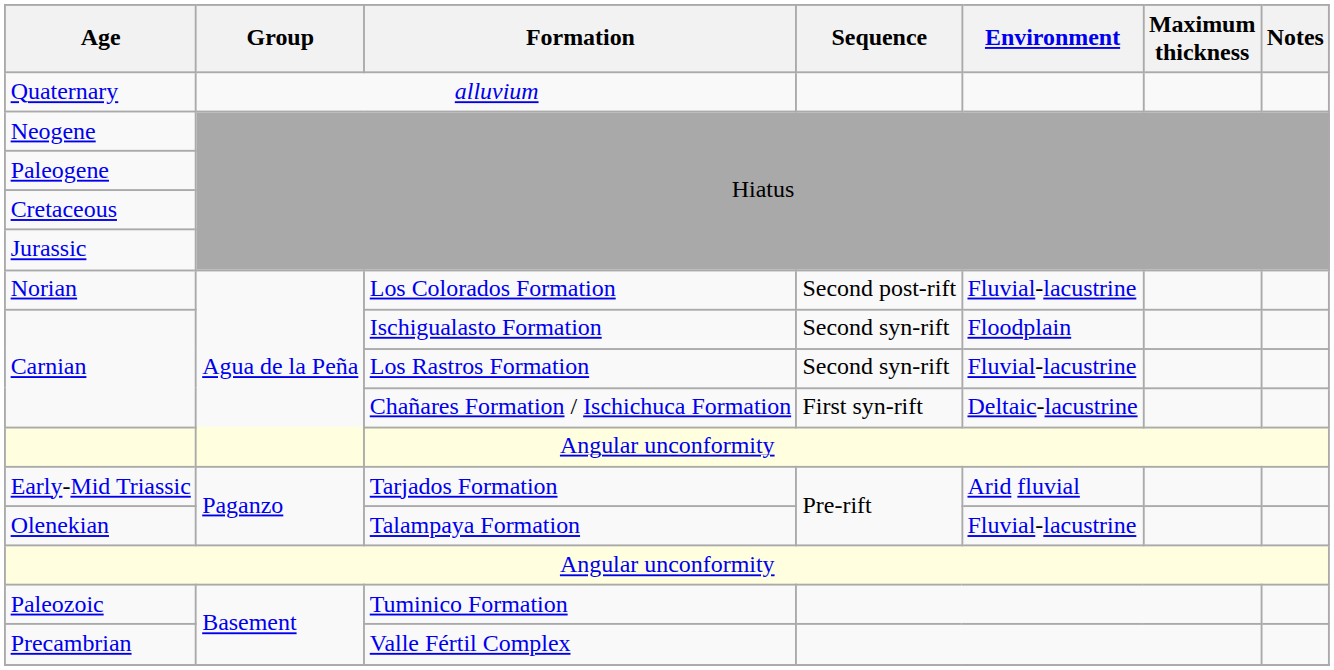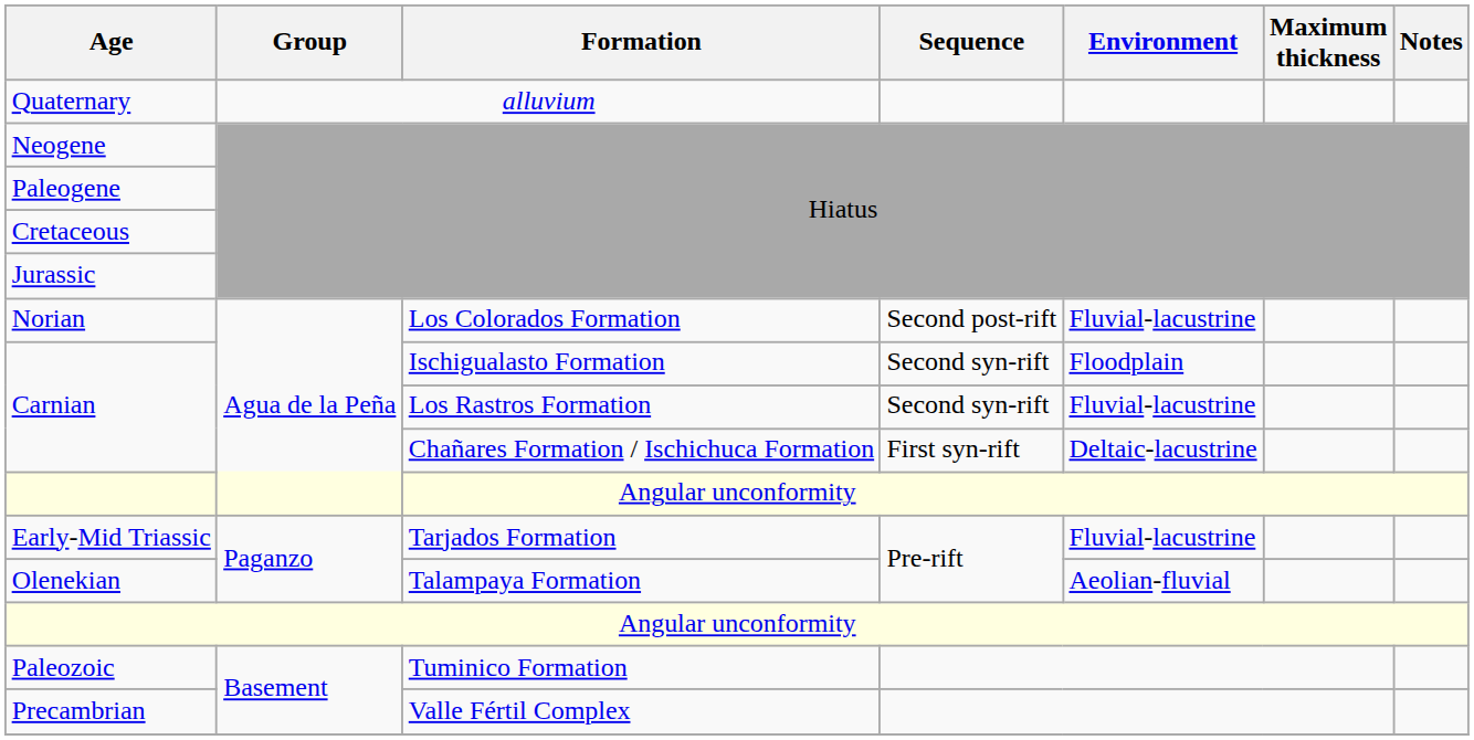 <table class="wikitable" style="font-size:80%">
 <tr>
 <th>Age</th>
 <th>Group</th>
 <th>Formation</th>
 <th>Sequence</th>
 <th><a href='#'>Environment</a></th>
 <th>Maximum<br>thickness</th>
 <th>Notes</th>
 </tr>
 <tr>
 <td style="background-color: "><a href='#'>Quaternary</a></td>
 <td colspan=2 align=center><em><a href='#'>alluvium</a></em></td>
 <td></td>
 <td></td>
 <td></td>
 <td align=center></td>
 </tr>
 <tr>
 <td style="background-color: "><a href='#'>Neogene</a></td>
 <td rowspan=4 colspan=6 align=center style="background-color: darkgrey;">Hiatus</td>
 </tr>
 <tr>
 <td style="background-color: "><a href='#'>Paleogene</a></td>
 </tr>
 <tr>
 <td style="background-color: "><a href='#'>Cretaceous</a></td>
 </tr>
 <tr>
 <td style="background-color: "><a href='#'>Jurassic</a></td>
 </tr>
 <tr>
 <td style="background-color: "><a href='#'>Norian</a></td>
 <td rowspan=5><a href='#'>Agua de la Peña</a></td>
 <td><a href='#'>Los Colorados Formation</a></td>
 <td>Second post-rift</td>
 <td><a href='#'>Fluvial</a>-<a href='#'>lacustrine</a></td>
 <td align=center></td>
 <td align=center></td>
 </tr>
 <tr>
 <td rowspan=3 style="background-color: "><a href='#'>Carnian</a></td>
 <td><a href='#'>Ischigualasto Formation</a></td>
 <td>Second syn-rift</td>
 <td><a href='#'>Floodplain</a></td>
 <td align=center></td>
 <td align=center></td>
 </tr>
 <tr>
 <td><a href='#'>Los Rastros Formation</a></td>
 <td>Second syn-rift</td>
 <td><a href='#'>Fluvial</a>-<a href='#'>lacustrine</a></td>
 <td align=center></td>
 <td align=center></td>
 </tr>
 <tr>
 <td><a href='#'>Chañares Formation</a> / <a href='#'>Ischichuca Formation</a></td>
 <td>First syn-rift</td>
 <td><a href='#'>Deltaic</a>-<a href='#'>lacustrine</a></td>
 <td align=center></td>
 <td align=center></td>
 </tr>
 <tr>
 <td colspan=7 align=center style="background-color: lightyellow;"><a href='#'>Angular unconformity</a></td>
 </tr>
 <tr>
 <td style="background-color: "><a href='#'>Early</a>-<a href='#'>Mid Triassic</a></td>
 <td rowspan=2><a href='#'>Paganzo</a></td>
 <td><a href='#'>Tarjados Formation</a></td>
 <td rowspan=2>Pre-rift</td>
-<td><a href='#'>Arid</a> <a href='#'>fluvial</a></td>
+<td><a href='#'>Fluvial</a>-<a href='#'>lacustrine</a></td>
 <td align=center></td>
 <td align=center></td>
 </tr>
 <tr>
 <td style="background-color: "><a href='#'>Olenekian</a></td>
 <td><a href='#'>Talampaya Formation</a></td>
-<td><a href='#'>Fluvial</a>-<a href='#'>lacustrine</a></td>
+<td><a href='#'>Aeolian</a>-<a href='#'>fluvial</a></td>
 <td align=center></td>
 <td align=center></td>
 </tr>
 <tr>
 <td colspan=7 align=center style="background-color: lightyellow;"><a href='#'>Angular unconformity</a></td>
 </tr>
 <tr>
 <td style="background-color: "><a href='#'>Paleozoic</a></td>
 <td rowspan=2><a href='#'>Basement</a></td>
 <td><a href='#'>Tuminico Formation</a></td>
 <td colspan=3></td>
 <td align=center></td>
 </tr>
 <tr>
 <td style="background-color: "><a href='#'>Precambrian</a></td>
 <td><a href='#'>Valle Fértil Complex</a></td>
 <td colspan=3></td>
 <td align=center></td>
 </tr>
 <tr>
 </tr>
 </table>
